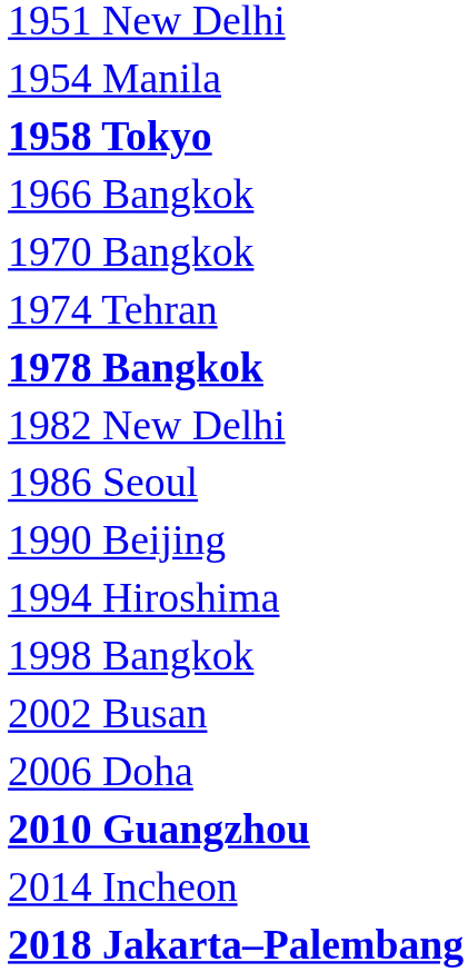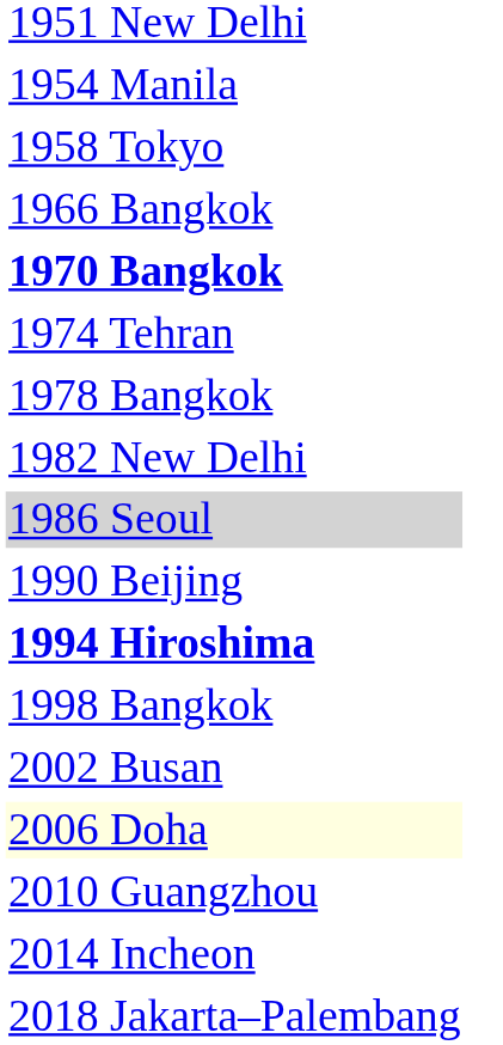 <table>
 <tr>
 <td><a href='#'>1951 New Delhi</a></td>
 <td></td>
 <td></td>
 <td></td>
 </tr>
 <tr>
 <td><a href='#'>1954 Manila</a></td>
 <td></td>
 <td></td>
 <td></td>
 </tr>
 <tr>
-<td><strong><a href='#'>1958 Tokyo</a></strong></td>
+<td><a href='#'>1958 Tokyo</a></td>
 <td></td>
 <td></td>
 <td></td>
 </tr>
 <tr>
 <td><a href='#'>1966 Bangkok</a></td>
 <td></td>
 <td></td>
 <td></td>
 </tr>
 <tr>
-<td><a href='#'>1970 Bangkok</a></td>
+<td><strong><a href='#'>1970 Bangkok</a></strong></td>
 <td></td>
 <td></td>
 <td></td>
 </tr>
 <tr>
 <td><a href='#'>1974 Tehran</a></td>
 <td></td>
 <td></td>
 <td></td>
 </tr>
 <tr>
-<td><strong><a href='#'>1978 Bangkok</a></strong></td>
+<td><a href='#'>1978 Bangkok</a></td>
 <td></td>
 <td></td>
 <td></td>
 </tr>
 <tr>
 <td><a href='#'>1982 New Delhi</a></td>
 <td></td>
 <td></td>
 <td></td>
 </tr>
 <tr>
-<td><a href='#'>1986 Seoul</a></td>
+<td style="background: lightgrey;"><a href='#'>1986 Seoul</a></td>
 <td></td>
 <td></td>
 <td></td>
 </tr>
 <tr>
 <td><a href='#'>1990 Beijing</a></td>
 <td></td>
 <td></td>
 <td></td>
 </tr>
 <tr>
-<td><a href='#'>1994 Hiroshima</a></td>
+<td><strong><a href='#'>1994 Hiroshima</a></strong></td>
 <td></td>
 <td></td>
 <td></td>
 </tr>
 <tr>
 <td><a href='#'>1998 Bangkok</a></td>
 <td></td>
 <td></td>
 <td></td>
 </tr>
 <tr>
 <td><a href='#'>2002 Busan</a></td>
 <td></td>
 <td></td>
 <td></td>
 </tr>
 <tr>
-<td><a href='#'>2006 Doha</a></td>
+<td style="background: lightyellow;"><a href='#'>2006 Doha</a></td>
 <td></td>
 <td></td>
 <td></td>
 </tr>
 <tr>
-<td><strong><a href='#'>2010 Guangzhou</a></strong></td>
+<td><a href='#'>2010 Guangzhou</a></td>
 <td></td>
 <td></td>
 <td></td>
 </tr>
 <tr>
 <td><a href='#'>2014 Incheon</a></td>
 <td></td>
 <td></td>
 <td></td>
 </tr>
 <tr>
-<td><strong><a href='#'>2018 Jakarta–Palembang</a></strong></td>
+<td><a href='#'>2018 Jakarta–Palembang</a></td>
 <td></td>
 <td></td>
 <td></td>
 </tr>
 </table>
